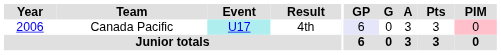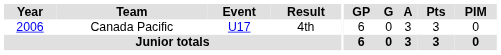 <table border="0" cellpadding="1" cellspacing="0" ID="Table3" style="text-align:center; width:40em">
 <tr ALIGN="center" bgcolor="#e0e0e0">
 <th>Year</th>
 <th>Team</th>
 <th>Event</th>
 <th>Result</th>
 <th rowspan="99" bgcolor="#ffffff"></th>
 <th>GP</th>
 <th>G</th>
 <th>A</th>
 <th>Pts</th>
 <th>PIM</th>
 </tr>
 <tr>
 <td><a href='#'>2006</a></td>
 <td>Canada Pacific</td>
-<td style="background: paleturquoise;"><a href='#'>U17</a></td>
+<td><a href='#'>U17</a></td>
 <td>4th</td>
-<td style="background: lavender;">6</td>
+<td>6</td>
 <td>0</td>
 <td>3</td>
 <td>3</td>
-<td style="background: pink;">0</td>
+<td>0</td>
 </tr>
 <tr bgcolor="#e0e0e0">
 <th colspan="4">Junior totals</th>
 <th>6</th>
 <th>0</th>
 <th>3</th>
 <th>3</th>
 <th>0</th>
 </tr>
 </table>
